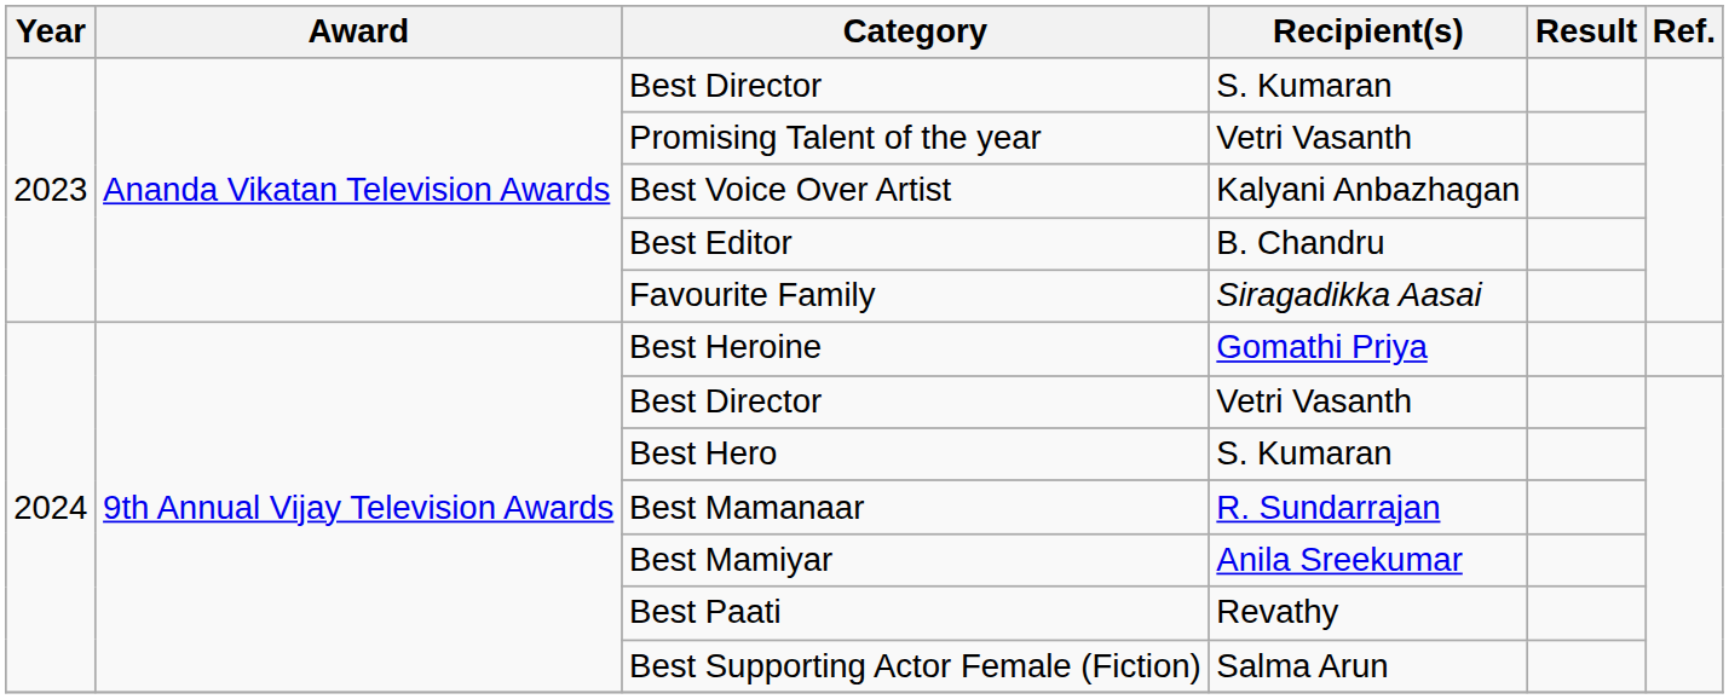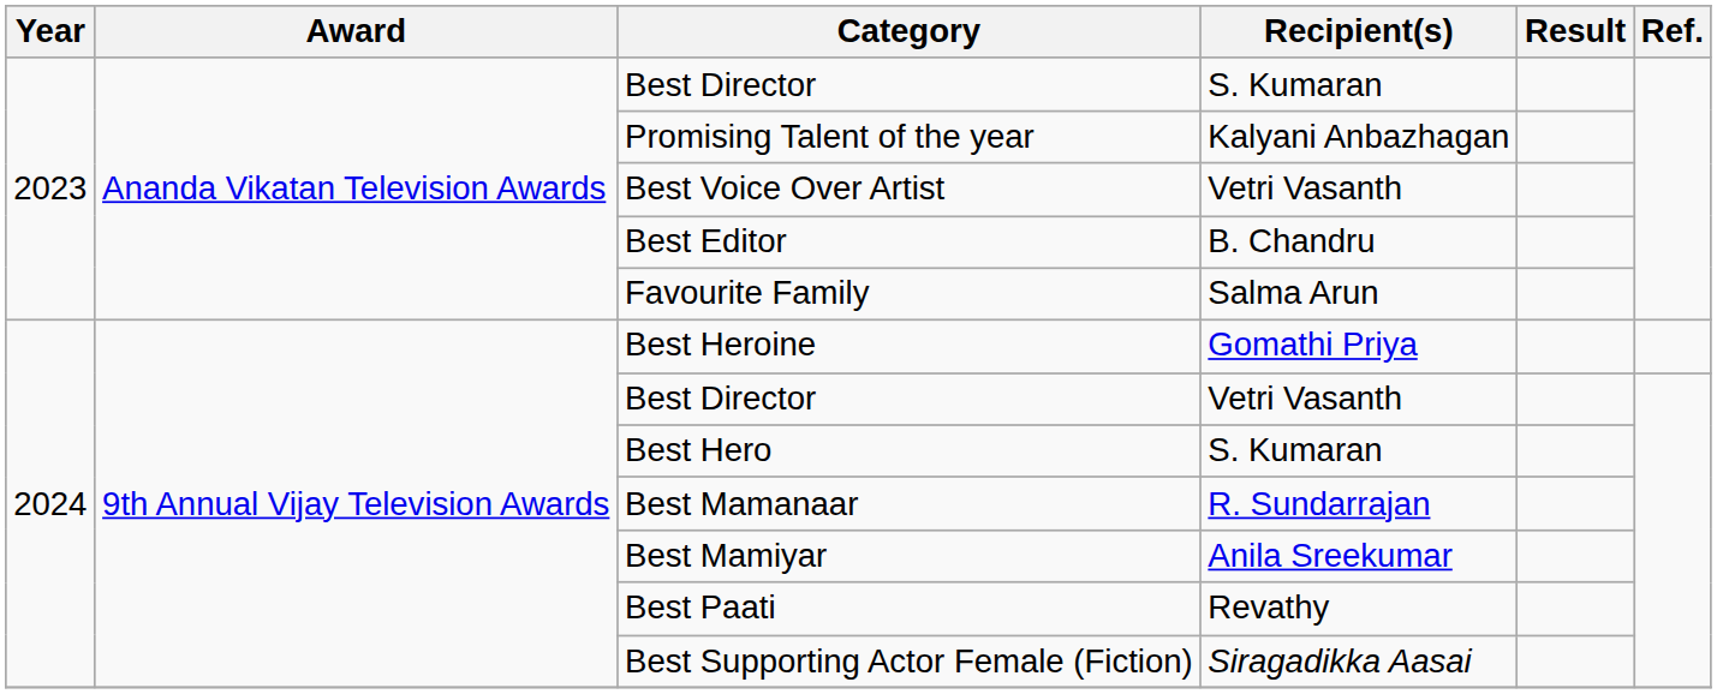 <table class="wikitable plainrowheaders sortable">
 <tr>
 <th scope="col">Year</th>
 <th scope="col">Award</th>
 <th scope="col">Category</th>
 <th scope="col">Recipient(s)</th>
 <th scope="col" class="unsortable">Result</th>
 <th scope="col" class="unsortable">Ref.</th>
 </tr>
 <tr>
 <td rowspan="5">2023</td>
 <td rowspan="5"><a href='#'>Ananda Vikatan Television Awards</a></td>
 <td>Best Director</td>
 <td>S. Kumaran</td>
 <td></td>
 <td rowspan="5"></td>
 </tr>
 <tr>
 <td>Promising Talent of the year</td>
-<td>Vetri Vasanth</td>
+<td>Kalyani Anbazhagan</td>
 <td></td>
 </tr>
 <tr>
 <td>⁠Best Voice Over Artist</td>
-<td>Kalyani Anbazhagan</td>
+<td>Vetri Vasanth</td>
 <td></td>
 </tr>
 <tr>
 <td>Best Editor</td>
 <td>B. Chandru</td>
 <td></td>
 </tr>
 <tr>
 <td>⁠Favourite Family</td>
-<td><em>Siragadikka Aasai</em></td>
+<td>Salma Arun</td>
 <td></td>
 </tr>
 <tr>
 <td rowspan="7">2024</td>
 <td rowspan="7"><a href='#'>9th Annual Vijay Television Awards</a></td>
 <td>Best Heroine</td>
 <td><a href='#'>Gomathi Priya</a></td>
 <td></td>
 <td></td>
 </tr>
 <tr>
 <td>Best Director</td>
 <td>Vetri Vasanth</td>
 <td></td>
 <td rowspan="6"></td>
 </tr>
 <tr>
 <td>Best Hero</td>
 <td>S. Kumaran</td>
 <td></td>
 </tr>
 <tr>
 <td>Best Mamanaar</td>
 <td><a href='#'>R. Sundarrajan</a></td>
 <td></td>
 </tr>
 <tr>
 <td>Best Mamiyar</td>
 <td><a href='#'>Anila Sreekumar</a></td>
 <td></td>
 </tr>
 <tr>
 <td>Best Paati</td>
 <td>Revathy</td>
 <td></td>
 </tr>
 <tr>
 <td>Best Supporting Actor Female (Fiction)</td>
-<td>Salma Arun</td>
+<td><em>Siragadikka Aasai</em></td>
 <td></td>
 </tr>
 <tr>
 </tr>
 </table>
